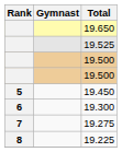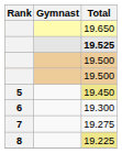 <table class="wikitable sortable" style="text-align:center; font-size:95%">
 <tr>
 <th scope=col>Rank</th>
 <th scope=col>Gymnast</th>
 <th scope=col>Total</th>
 </tr>
 <tr bgcolor=fffcaf>
 <th scope=row style="text-align:center"></th>
 <td align=left></td>
 <td>19.650</td>
 </tr>
 <tr bgcolor=e5e5e5>
 <th scope=row style="text-align:center"></th>
 <td align=left></td>
-<td>19.525</td>
+<td><strong>19.525</strong></td>
 </tr>
 <tr bgcolor=eecc99>
 <th scope=row style="text-align:center"></th>
 <td align=left></td>
 <td>19.500</td>
 </tr>
 <tr bgcolor=eecc99>
 <th scope=row style="text-align:center"></th>
 <td align=left></td>
 <td>19.500</td>
 </tr>
 <tr>
 <th scope=row style="text-align:center">5</th>
 <td align=left></td>
-<td>19.450</td>
+<td style="background: khaki;">19.450</td>
 </tr>
 <tr>
 <th scope=row style="text-align:center">6</th>
 <td align=left></td>
 <td>19.300</td>
 </tr>
 <tr>
 <th scope=row style="text-align:center">7</th>
 <td align=left></td>
 <td>19.275</td>
 </tr>
 <tr>
 <th scope=row style="text-align:center">8</th>
 <td align=left></td>
-<td>19.225</td>
+<td style="background: khaki;">19.225</td>
 </tr>
 <tr>
 </tr>
 </table>
